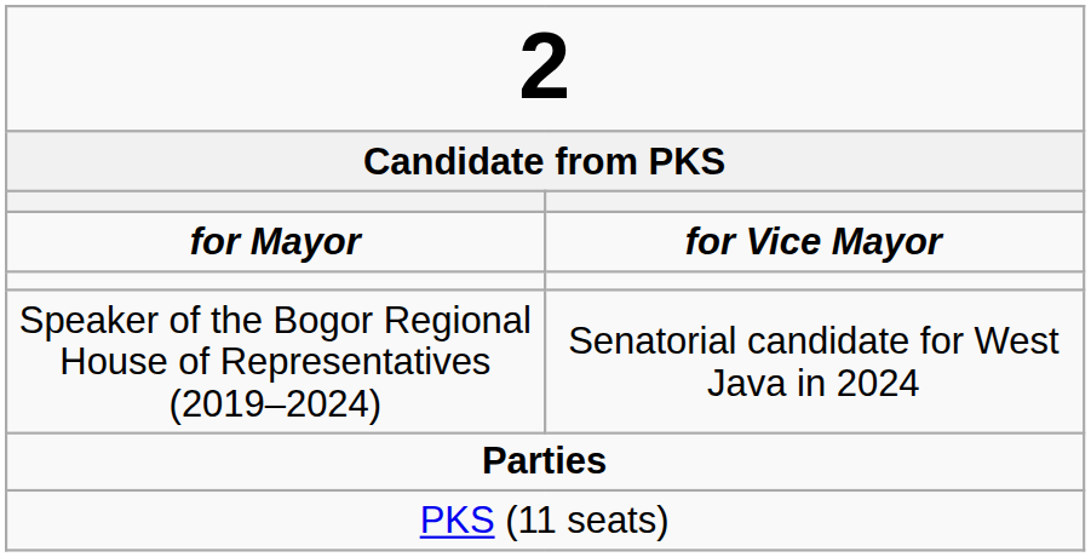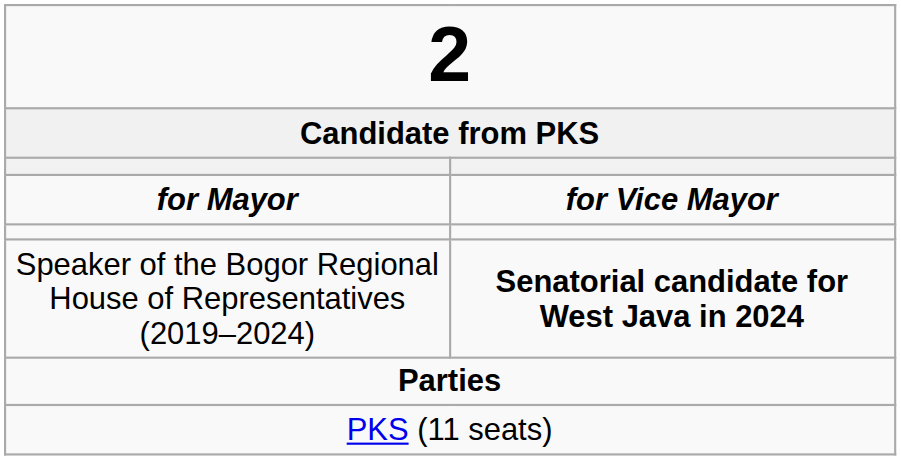 <table class="wikitable" style="font-size:90%; text-align:center;">
 <tr>
 <td colspan=2><big><big><big><big><big><strong>2</strong></big></big></big></big></big></td>
 </tr>
 <tr>
 <td colspan=2 style="background:#f1f1f1;"><strong>Candidate from PKS</strong></td>
 </tr>
 <tr>
 <th style="width:3em; font-size:135%; background:#"></th>
 <th style="width:3em; font-size:135%; background:#"></th>
 </tr>
 <tr style="color:#000; font-size:100%; background:#">
 <td style="width:3em; width:200px;"><strong><em>for Mayor</em></strong></td>
 <td style="width:3em; width:200px;"><strong><em>for Vice Mayor</em></strong></td>
 </tr>
 <tr>
 <td></td>
 <td></td>
 </tr>
 <tr>
 <td>Speaker of the Bogor Regional House of Representatives<br>(2019–2024)</td>
-<td>Senatorial candidate for West Java in 2024</td>
+<td><strong>Senatorial candidate for West Java in 2024</strong></td>
 </tr>
 <tr>
 <td colspan=2><strong>Parties</strong></td>
 </tr>
 <tr>
 <td colspan=2> <a href='#'>PKS</a> (11 seats)</td>
 </tr>
 </table>
